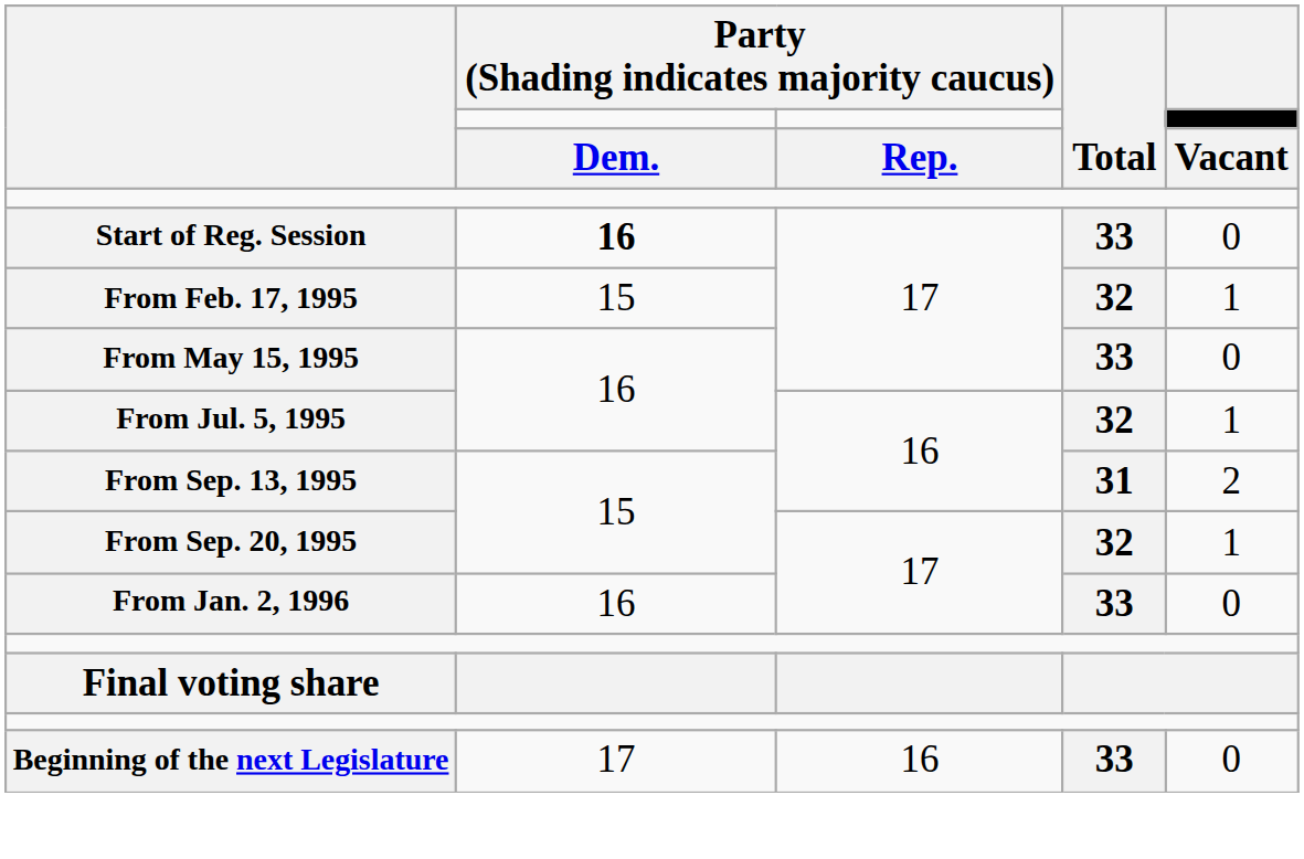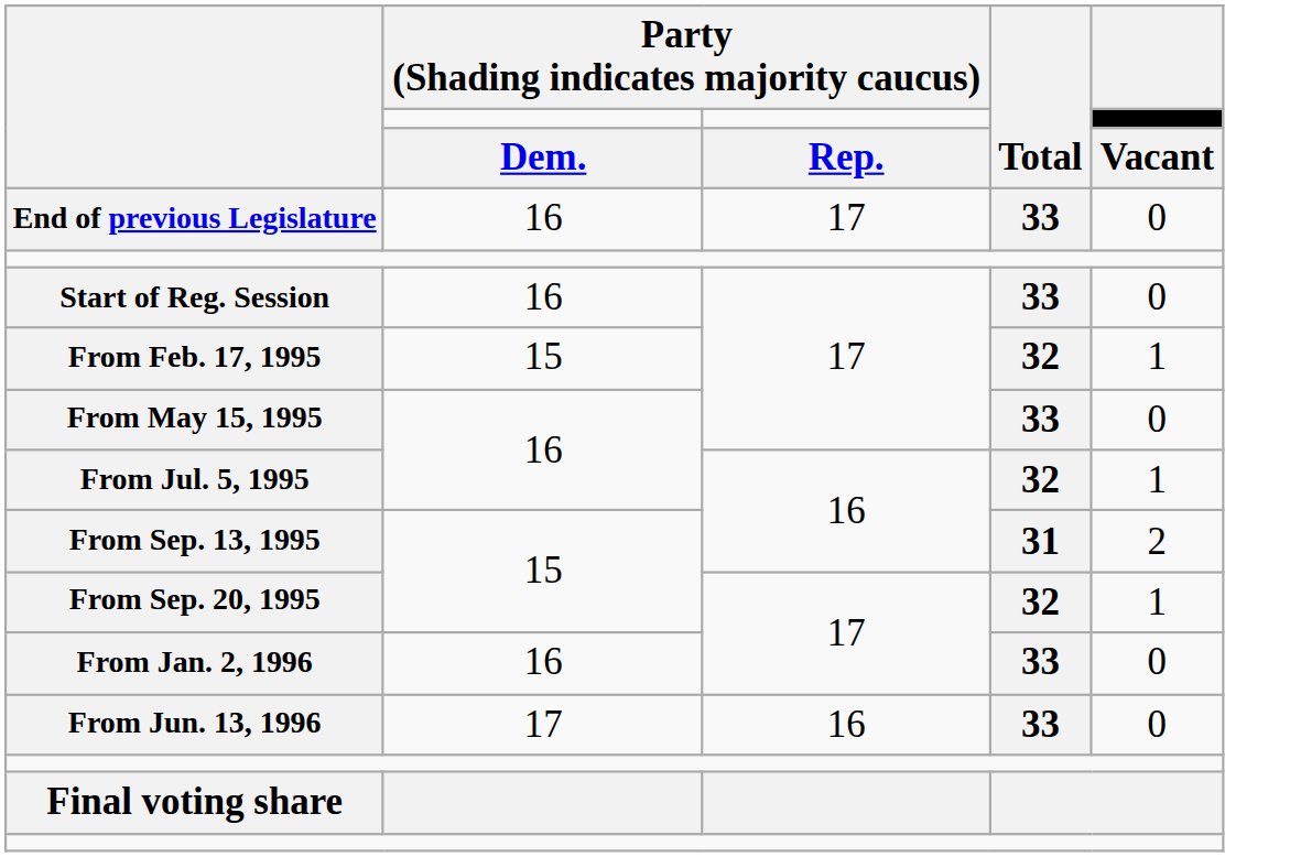 <table class=wikitable style="text-align:center">
 <tr style="vertical-align:bottom;">
 <th rowspan=3></th>
 <th colspan=2>Party <div>(Shading indicates majority caucus)</div></th>
 <th rowspan=3>Total</th>
 <th></th>
 </tr>
 <tr style="height:5px">
 <td style="background-color:"></td>
 <td style="background-color:"></td>
 <td style="background:black;"></td>
 </tr>
 <tr>
 <th><a href='#'>Dem.</a></th>
 <th><a href='#'>Rep.</a></th>
 <th>Vacant</th>
 </tr>
 <tr>
+<th style="font-size:80%;">End of <a href='#'>previous Legislature</a></th>
+<td>16</td>
+<td>17</td>
+<th>33</th>
+<td>0</td>
+</tr>
+<tr>
 <td colspan=5></td>
 </tr>
 <tr>
 <th style="font-size:80%;">Start of Reg. Session</th>
-<td><strong>16</strong></td>
+<td>16</td>
 <td rowspan="3" >17</td>
 <th>33</th>
 <td>0</td>
 </tr>
 <tr>
 <th style="font-size:80%;">From Feb. 17, 1995</th>
 <td>15</td>
 <th>32</th>
 <td>1</td>
 </tr>
 <tr>
 <th style="font-size:80%;">From May 15, 1995</th>
 <td rowspan="2">16</td>
 <th>33</th>
 <td>0</td>
 </tr>
 <tr>
 <th style="font-size:80%;">From Jul. 5, 1995</th>
 <td rowspan="2" >16</td>
 <th>32</th>
 <td>1</td>
 </tr>
 <tr>
 <th style="font-size:80%;">From Sep. 13, 1995</th>
 <td rowspan="2">15</td>
 <th>31</th>
 <td>2</td>
 </tr>
 <tr>
 <th style="font-size:80%;">From Sep. 20, 1995</th>
 <td rowspan="2" >17</td>
 <th>32</th>
 <td>1</td>
 </tr>
 <tr>
 <th style="font-size:80%;">From Jan. 2, 1996</th>
 <td>16</td>
 <th>33</th>
 <td>0</td>
 </tr>
 <tr>
+<th style="font-size:80%;">From Jun. 13, 1996</th>
+<td>17</td>
+<td>16</td>
+<th>33</th>
+<td>0</td>
+</tr>
+<tr>
 <td colspan=5></td>
 </tr>
 <tr>
 <th>Final voting share</th>
 <th></th>
 <th></th>
 <th colspan=2></th>
 </tr>
 <tr>
 <td colspan=5></td>
 </tr>
-<tr>
-<th style="font-size:80%;">Beginning of the <a href='#'>next Legislature</a></th>
-<td>17</td>
-<td>16</td>
-<th>33</th>
-<td>0</td>
-</tr>
 </table>
